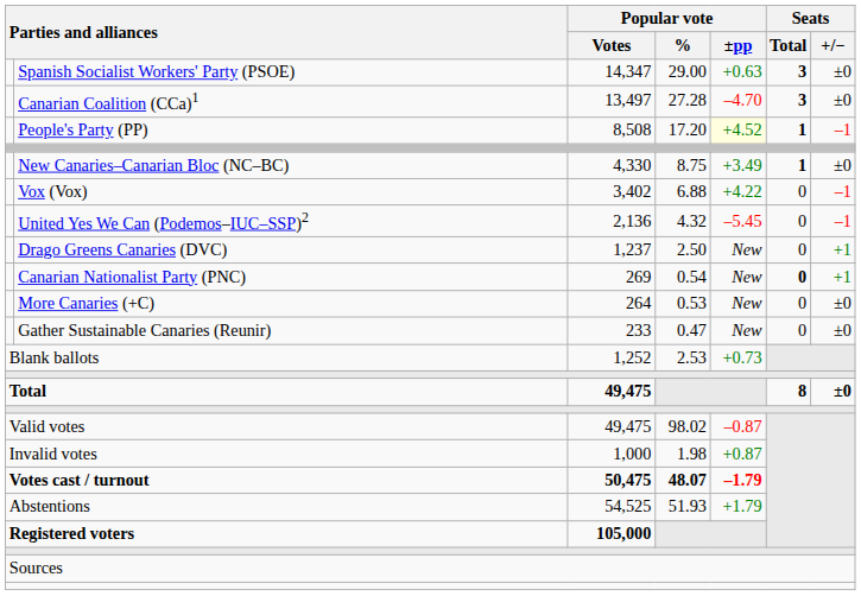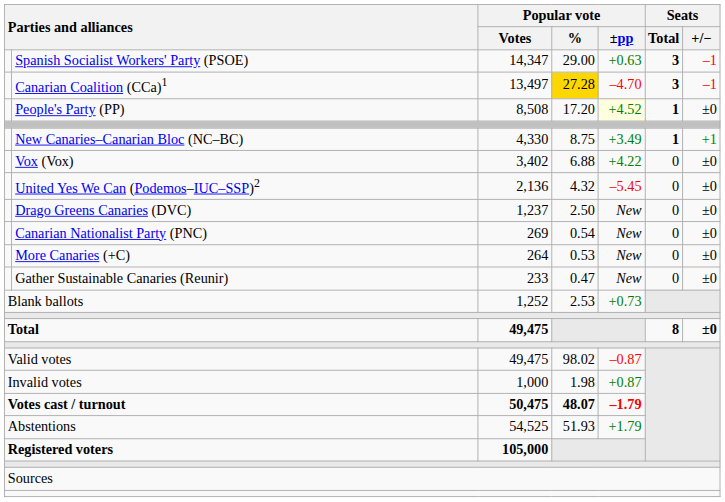 <table class="wikitable" style="text-align:right;">
 <tr>
 <th style="text-align:left;" rowspan="2" colspan="2" width="525">Parties and alliances</th>
 <th colspan="3">Popular vote</th>
 <th colspan="2">Seats</th>
 </tr>
 <tr>
 <th width="75">Votes</th>
 <th width="45">%</th>
 <th width="45">±<a href='#'>pp</a></th>
 <th width="35">Total</th>
 <th width="35">+/−</th>
 </tr>
 <tr>
 <td width="1" style="color:inherit;background:"></td>
 <td align="left"><a href='#'>Spanish Socialist Workers' Party</a> (PSOE)</td>
 <td>14,347</td>
 <td>29.00</td>
 <td style="color:green;">+0.63</td>
 <td><strong>3</strong></td>
-<td>±0</td>
+<td style="color:red;">–1</td>
 </tr>
 <tr>
 <td style="color:inherit;background:"></td>
 <td align="left"><a href='#'>Canarian Coalition</a> (CCa)<sup>1</sup></td>
 <td>13,497</td>
-<td>27.28</td>
+<td style="background: gold;">27.28</td>
 <td style="color:red;">–4.70</td>
 <td><strong>3</strong></td>
-<td>±0</td>
+<td style="color:red;">–1</td>
 </tr>
 <tr>
 <td style="color:inherit;background:"></td>
 <td align="left"><a href='#'>People's Party</a> (PP)</td>
 <td>8,508</td>
 <td>17.20</td>
 <td style="background: lightyellow; color:green;">+4.52</td>
 <td><strong>1</strong></td>
-<td style="color:red;">–1</td>
+<td>±0</td>
 </tr>
 <tr>
 <td colspan="7" bgcolor="#C0C0C0"></td>
 </tr>
 <tr>
 <td style="color:inherit;background:"></td>
 <td align="left"><a href='#'>New Canaries–Canarian Bloc</a> (NC–BC)</td>
 <td>4,330</td>
 <td>8.75</td>
 <td style="color:green;">+3.49</td>
 <td><strong>1</strong></td>
-<td>±0</td>
+<td style="color:green;">+1</td>
 </tr>
 <tr>
 <td style="color:inherit;background:"></td>
 <td align="left"><a href='#'>Vox</a> (Vox)</td>
 <td>3,402</td>
 <td>6.88</td>
 <td style="color:green;">+4.22</td>
 <td>0</td>
-<td style="color:red;">–1</td>
+<td>±0</td>
 </tr>
 <tr>
 <td style="color:inherit;background:"></td>
 <td align="left"><a href='#'>United Yes We Can</a> (<a href='#'>Podemos</a>–<a href='#'>IUC–SSP</a>)<sup>2</sup></td>
 <td>2,136</td>
 <td>4.32</td>
 <td style="color:red;">–5.45</td>
 <td>0</td>
-<td style="color:red;">–1</td>
+<td>±0</td>
 </tr>
 <tr>
 <td style="color:inherit;background:"></td>
 <td align="left"><a href='#'>Drago Greens Canaries</a> (DVC)</td>
 <td>1,237</td>
 <td>2.50</td>
 <td><em>New</em></td>
 <td>0</td>
-<td style="color:green;">+1</td>
+<td>±0</td>
 </tr>
 <tr>
 <td style="color:inherit;background:"></td>
 <td align="left"><a href='#'>Canarian Nationalist Party</a> (PNC)</td>
 <td>269</td>
 <td>0.54</td>
 <td><em>New</em></td>
-<td><strong>0</strong></td>
-<td style="color:green;">+1</td>
+<td>0</td>
+<td>±0</td>
 </tr>
 <tr>
 <td style="color:inherit;background:"></td>
 <td align="left"><a href='#'>More Canaries</a> (+C)</td>
 <td>264</td>
 <td>0.53</td>
 <td><em>New</em></td>
 <td>0</td>
 <td>±0</td>
 </tr>
 <tr>
 <td style="color:inherit;background:"></td>
 <td align="left">Gather Sustainable Canaries (Reunir)</td>
 <td>233</td>
 <td>0.47</td>
 <td><em>New</em></td>
 <td>0</td>
 <td>±0</td>
 </tr>
 <tr>
 <td align="left" colspan="2">Blank ballots</td>
 <td>1,252</td>
 <td>2.53</td>
 <td style="color:green;">+0.73</td>
 <td bgcolor="#E9E9E9" colspan="2"></td>
 </tr>
 <tr>
 <td colspan="7" bgcolor="#E9E9E9"></td>
 </tr>
 <tr style="font-weight:bold;">
 <td align="left" colspan="2">Total</td>
 <td>49,475</td>
 <td bgcolor="#E9E9E9" colspan="2"></td>
 <td>8</td>
 <td>±0</td>
 </tr>
 <tr>
 <td colspan="7" bgcolor="#E9E9E9"></td>
 </tr>
 <tr>
 <td align="left" colspan="2">Valid votes</td>
 <td>49,475</td>
 <td>98.02</td>
 <td style="color:red;">–0.87</td>
 <td bgcolor="#E9E9E9" colspan="2" rowspan="5"></td>
 </tr>
 <tr>
 <td align="left" colspan="2">Invalid votes</td>
 <td>1,000</td>
 <td>1.98</td>
 <td style="color:green;">+0.87</td>
 </tr>
 <tr style="font-weight:bold;">
 <td align="left" colspan="2">Votes cast / turnout</td>
 <td>50,475</td>
 <td>48.07</td>
 <td style="color:red;">–1.79</td>
 </tr>
 <tr>
 <td align="left" colspan="2">Abstentions</td>
 <td>54,525</td>
 <td>51.93</td>
 <td style="color:green;">+1.79</td>
 </tr>
 <tr style="font-weight:bold;">
 <td align="left" colspan="2">Registered voters</td>
 <td>105,000</td>
 <td bgcolor="#E9E9E9" colspan="2"></td>
 </tr>
 <tr>
 <td colspan="7" bgcolor="#E9E9E9"></td>
 </tr>
 <tr>
 <td align="left" colspan="7">Sources</td>
 </tr>
 <tr>
 <td colspan="9" style="text-align:left;font-size:95%;max-width:790px;"></td>
 </tr>
 </table>
